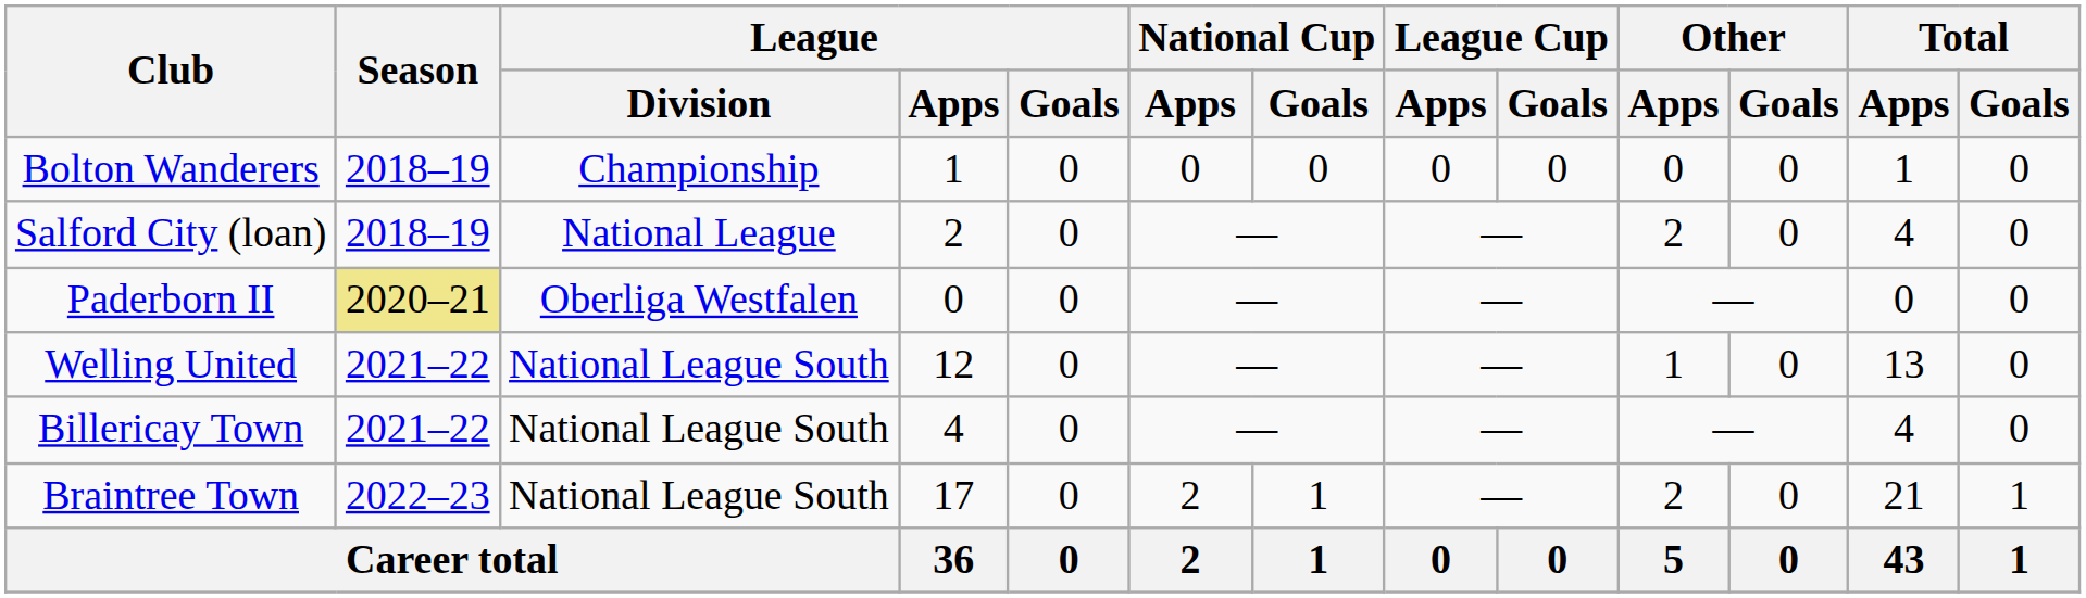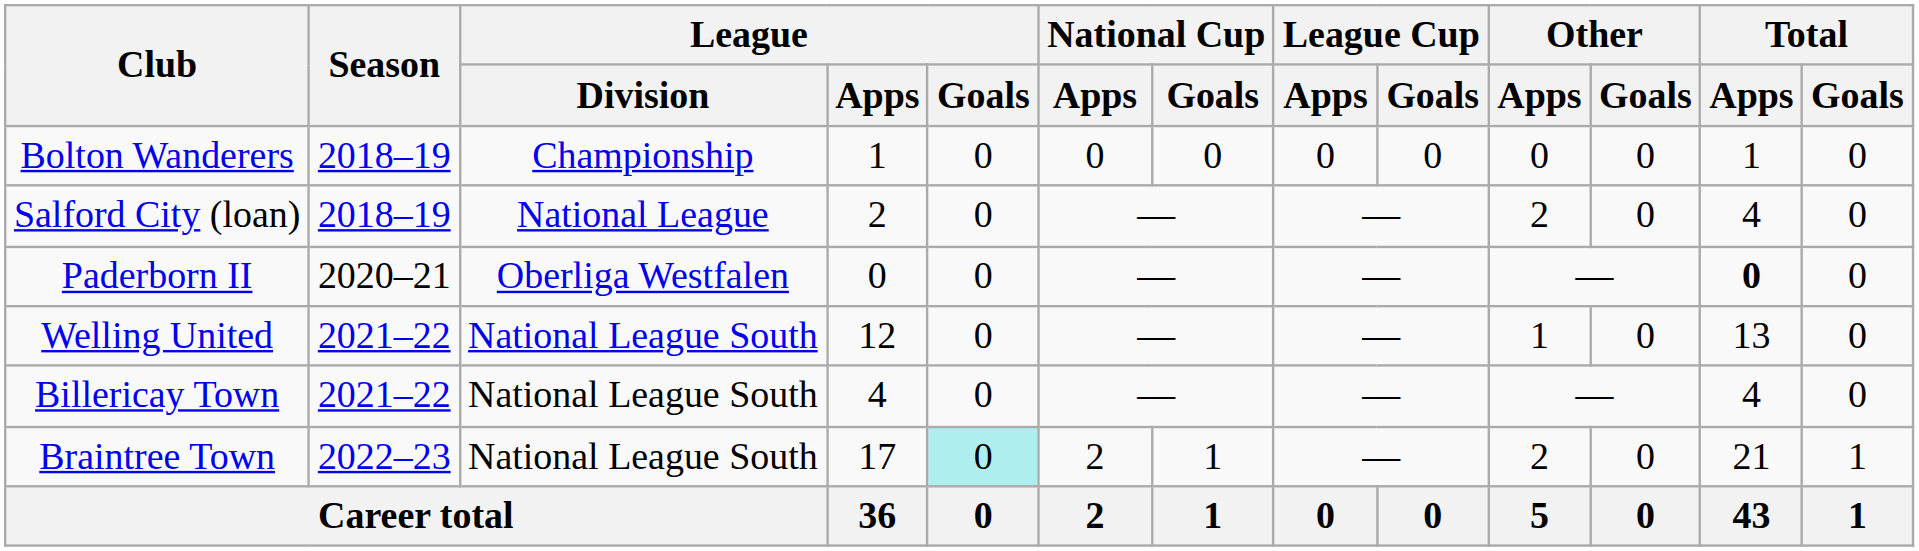 <table class="wikitable" style="text-align: center;">
 <tr>
 <th rowspan="2">Club</th>
 <th rowspan="2">Season</th>
 <th colspan="3">League</th>
 <th colspan="2">National Cup</th>
 <th colspan="2">League Cup</th>
 <th colspan="2">Other</th>
 <th colspan="2">Total</th>
 </tr>
 <tr>
 <th>Division</th>
 <th>Apps</th>
 <th>Goals</th>
 <th>Apps</th>
 <th>Goals</th>
 <th>Apps</th>
 <th>Goals</th>
 <th>Apps</th>
 <th>Goals</th>
 <th>Apps</th>
 <th>Goals</th>
 </tr>
 <tr>
 <td><a href='#'>Bolton Wanderers</a></td>
 <td><a href='#'>2018–19</a></td>
 <td><a href='#'>Championship</a></td>
 <td>1</td>
 <td>0</td>
 <td>0</td>
 <td>0</td>
 <td>0</td>
 <td>0</td>
 <td>0</td>
 <td>0</td>
 <td>1</td>
 <td>0</td>
 </tr>
 <tr>
 <td><a href='#'>Salford City</a> (loan)</td>
 <td><a href='#'>2018–19</a></td>
 <td><a href='#'>National League</a></td>
 <td>2</td>
 <td>0</td>
 <td colspan="2">—</td>
 <td colspan="2">—</td>
 <td>2</td>
 <td>0</td>
 <td>4</td>
 <td>0</td>
 </tr>
 <tr>
 <td><a href='#'>Paderborn II</a></td>
-<td style="background: khaki;">2020–21</td>
+<td>2020–21</td>
 <td><a href='#'>Oberliga Westfalen</a></td>
 <td>0</td>
 <td>0</td>
 <td colspan="2">—</td>
 <td colspan="2">—</td>
 <td colspan="2">—</td>
-<td>0</td>
+<td><strong>0</strong></td>
 <td>0</td>
 </tr>
 <tr>
 <td><a href='#'>Welling United</a></td>
 <td><a href='#'>2021–22</a></td>
 <td><a href='#'>National League South</a></td>
 <td>12</td>
 <td>0</td>
 <td colspan="2">—</td>
 <td colspan="2">—</td>
 <td>1</td>
 <td>0</td>
 <td>13</td>
 <td>0</td>
 </tr>
 <tr>
 <td><a href='#'>Billericay Town</a></td>
 <td><a href='#'>2021–22</a></td>
 <td>National League South</td>
 <td>4</td>
 <td>0</td>
 <td colspan="2">—</td>
 <td colspan="2">—</td>
 <td colspan="2">—</td>
 <td>4</td>
 <td>0</td>
 </tr>
 <tr>
 <td><a href='#'>Braintree Town</a></td>
 <td><a href='#'>2022–23</a></td>
 <td>National League South</td>
 <td>17</td>
-<td>0</td>
+<td style="background: paleturquoise;">0</td>
 <td>2</td>
 <td>1</td>
 <td colspan="2">—</td>
 <td>2</td>
 <td>0</td>
 <td>21</td>
 <td>1</td>
 </tr>
 <tr>
 <th colspan="3">Career total</th>
 <th>36</th>
 <th>0</th>
 <th>2</th>
 <th>1</th>
 <th>0</th>
 <th>0</th>
 <th>5</th>
 <th>0</th>
 <th>43</th>
 <th>1</th>
 </tr>
 </table>
